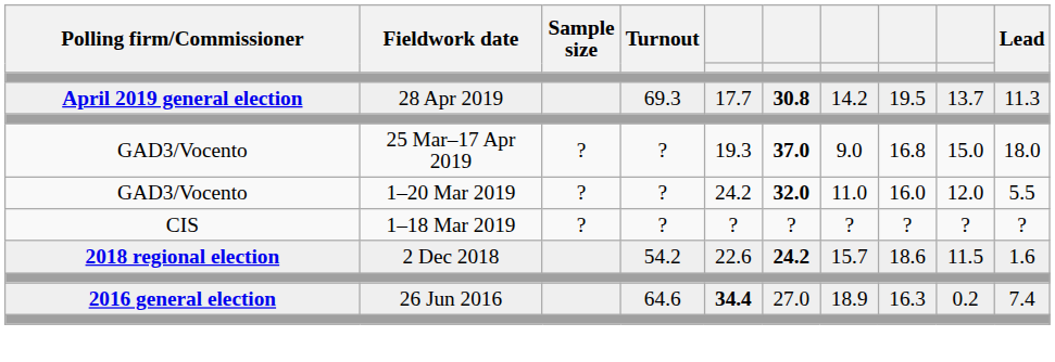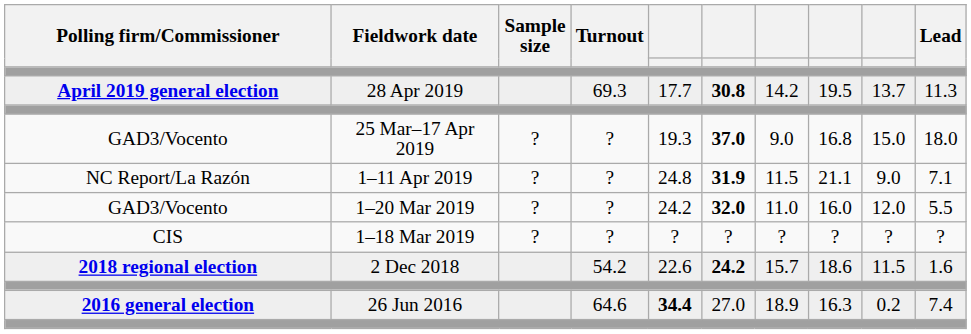 <table class="wikitable collapsible collapsed" style="text-align:center; font-size:95%; line-height:16px;">
 <tr style="height:42px;">
 <th style="width:250px;" rowspan="2">Polling firm/Commissioner</th>
 <th style="width:125px;" rowspan="2">Fieldwork date</th>
 <th style="width:50px;" rowspan="2">Sample size</th>
 <th style="width:45px;" rowspan="2">Turnout</th>
 <th style="width:35px;"></th>
 <th style="width:35px;"></th>
 <th style="width:35px;"></th>
 <th style="width:35px;"></th>
 <th style="width:35px;"></th>
 <th style="width:30px;" rowspan="2">Lead</th>
 </tr>
 <tr>
 <th style="color:inherit;background:"></th>
 <th style="color:inherit;background:"></th>
 <th style="color:inherit;background:"></th>
 <th style="color:inherit;background:"></th>
 <th style="color:inherit;background:"></th>
 </tr>
 <tr>
 <td colspan="10" style="background:#A0A0A0"></td>
 </tr>
 <tr style="background:#EFEFEF;">
 <td><strong><a href='#'>April 2019 general election</a></strong></td>
 <td>28 Apr 2019</td>
 <td></td>
 <td>69.3</td>
 <td>17.7<br></td>
 <td><strong>30.8</strong><br></td>
 <td>14.2<br></td>
 <td>19.5<br></td>
 <td>13.7<br></td>
 <td style="background:">11.3</td>
 </tr>
 <tr>
 <td colspan="10" style="background:#A0A0A0"></td>
 </tr>
 <tr>
 <td>GAD3/Vocento</td>
 <td>25 Mar–17 Apr 2019</td>
 <td>?</td>
 <td>?</td>
 <td>19.3<br></td>
 <td><strong>37.0</strong><br></td>
 <td>9.0<br></td>
 <td>16.8<br></td>
 <td>15.0<br></td>
 <td style="background:">18.0</td>
+</tr>
+<tr>
+<td>NC Report/La Razón</td>
+<td>1–11 Apr 2019</td>
+<td>?</td>
+<td>?</td>
+<td>24.8<br></td>
+<td><strong>31.9</strong><br></td>
+<td>11.5<br></td>
+<td>21.1<br></td>
+<td>9.0<br></td>
+<td style="background:">7.1</td>
 </tr>
 <tr>
 <td>GAD3/Vocento</td>
 <td>1–20 Mar 2019</td>
 <td>?</td>
 <td>?</td>
 <td>24.2<br></td>
 <td><strong>32.0</strong><br></td>
 <td>11.0<br></td>
 <td>16.0<br></td>
 <td>12.0<br></td>
 <td style="background:">5.5</td>
 </tr>
 <tr>
 <td>CIS</td>
 <td>1–18 Mar 2019</td>
 <td>?</td>
 <td>?</td>
 <td>?<br></td>
 <td>?<br></td>
 <td>?<br></td>
 <td>?<br></td>
 <td>?<br></td>
 <td style="background:">?</td>
 </tr>
 <tr style="background:#EFEFEF;">
 <td><strong><a href='#'>2018 regional election</a></strong></td>
 <td>2 Dec 2018</td>
 <td></td>
 <td>54.2</td>
 <td>22.6<br></td>
 <td><strong>24.2</strong><br></td>
 <td>15.7<br></td>
 <td>18.6<br></td>
 <td>11.5<br></td>
 <td style="background:">1.6</td>
 </tr>
 <tr>
 <td colspan="10" style="background:#A0A0A0"></td>
 </tr>
 <tr style="background:#EFEFEF;">
 <td><strong><a href='#'>2016 general election</a></strong></td>
 <td>26 Jun 2016</td>
 <td></td>
 <td>64.6</td>
 <td><strong>34.4</strong><br></td>
 <td>27.0<br></td>
 <td>18.9<br></td>
 <td>16.3<br></td>
 <td>0.2<br></td>
 <td style="background:">7.4</td>
 </tr>
 <tr>
 <td colspan="10" style="background:#A0A0A0"></td>
 </tr>
 </table>
